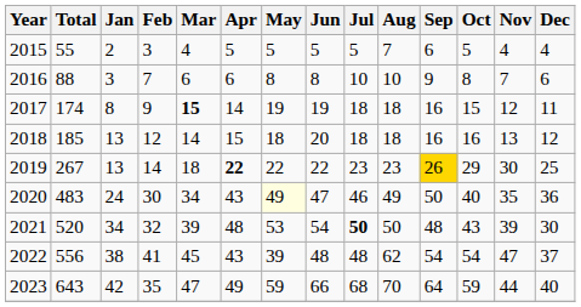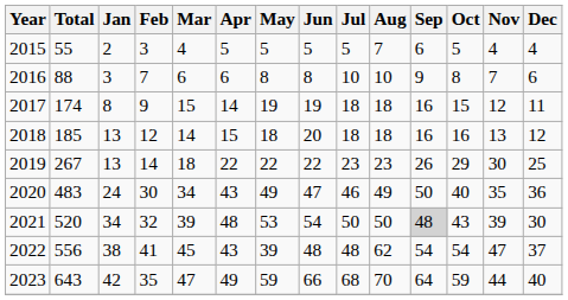 <table class="wikitable">
 <tr>
 <th>Year</th>
 <th>Total</th>
 <th>Jan</th>
 <th>Feb</th>
 <th>Mar</th>
 <th>Apr</th>
 <th>May</th>
 <th>Jun</th>
 <th>Jul</th>
 <th>Aug</th>
 <th>Sep</th>
 <th>Oct</th>
 <th>Nov</th>
 <th>Dec</th>
 </tr>
 <tr>
 <td>2015</td>
 <td>55</td>
 <td>2</td>
 <td>3</td>
 <td>4</td>
 <td>5</td>
 <td>5</td>
 <td>5</td>
 <td>5</td>
 <td>7</td>
 <td>6</td>
 <td>5</td>
 <td>4</td>
 <td>4</td>
 </tr>
 <tr>
 <td>2016</td>
 <td>88</td>
 <td>3</td>
 <td>7</td>
 <td>6</td>
 <td>6</td>
 <td>8</td>
 <td>8</td>
 <td>10</td>
 <td>10</td>
 <td>9</td>
 <td>8</td>
 <td>7</td>
 <td>6</td>
 </tr>
 <tr>
 <td>2017</td>
 <td>174</td>
 <td>8</td>
 <td>9</td>
-<td><strong>15</strong></td>
+<td>15</td>
 <td>14</td>
 <td>19</td>
 <td>19</td>
 <td>18</td>
 <td>18</td>
 <td>16</td>
 <td>15</td>
 <td>12</td>
 <td>11</td>
 </tr>
 <tr>
 <td>2018</td>
 <td>185</td>
 <td>13</td>
 <td>12</td>
 <td>14</td>
 <td>15</td>
 <td>18</td>
 <td>20</td>
 <td>18</td>
 <td>18</td>
 <td>16</td>
 <td>16</td>
 <td>13</td>
 <td>12</td>
 </tr>
 <tr>
 <td>2019</td>
 <td>267</td>
 <td>13</td>
 <td>14</td>
 <td>18</td>
-<td><strong>22</strong></td>
+<td>22</td>
 <td>22</td>
 <td>22</td>
 <td>23</td>
 <td>23</td>
-<td style="background: gold;">26</td>
+<td>26</td>
 <td>29</td>
 <td>30</td>
 <td>25</td>
 </tr>
 <tr>
 <td>2020</td>
 <td>483</td>
 <td>24</td>
 <td>30</td>
 <td>34</td>
 <td>43</td>
-<td style="background: lightyellow;">49</td>
+<td>49</td>
 <td>47</td>
 <td>46</td>
 <td>49</td>
 <td>50</td>
 <td>40</td>
 <td>35</td>
 <td>36</td>
 </tr>
 <tr>
 <td>2021</td>
 <td>520</td>
 <td>34</td>
 <td>32</td>
 <td>39</td>
 <td>48</td>
 <td>53</td>
 <td>54</td>
-<td><strong>50</strong></td>
 <td>50</td>
-<td>48</td>
+<td>50</td>
+<td style="background: lightgrey;">48</td>
 <td>43</td>
 <td>39</td>
 <td>30</td>
 </tr>
 <tr>
 <td>2022</td>
 <td>556</td>
 <td>38</td>
 <td>41</td>
 <td>45</td>
 <td>43</td>
 <td>39</td>
 <td>48</td>
 <td>48</td>
 <td>62</td>
 <td>54</td>
 <td>54</td>
 <td>47</td>
 <td>37</td>
 </tr>
 <tr>
 <td>2023</td>
 <td>643</td>
 <td>42</td>
 <td>35</td>
 <td>47</td>
 <td>49</td>
 <td>59</td>
 <td>66</td>
 <td>68</td>
 <td>70</td>
 <td>64</td>
 <td>59</td>
 <td>44</td>
 <td>40</td>
 </tr>
 <tr>
 </tr>
 </table>
